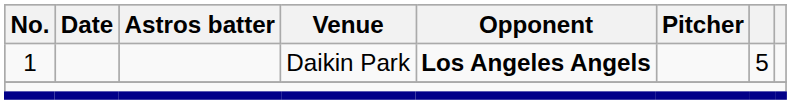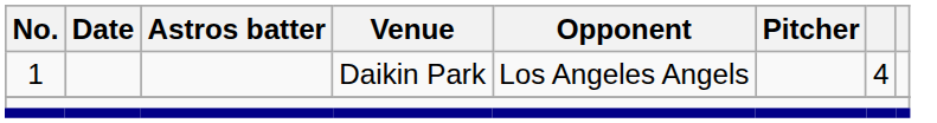 <table class="wikitable sortable" border="1" style="font-size: 90%">
 <tr>
 <th>No.</th>
 <th>Date</th>
 <th>Astros batter</th>
 <th>Venue</th>
 <th>Opponent</th>
 <th>Pitcher</th>
 <th></th>
 <th></th>
 </tr>
 <tr>
 <td align="center">1</td>
 <td align="center"></td>
 <td><strong></strong></td>
 <td align="center">Daikin Park</td>
-<td align="center"><strong>Los Angeles Angels</strong></td>
+<td align="center">Los Angeles Angels</td>
 <td></td>
-<td align="center">5</td>
+<td align="center">4</td>
 <td align="center"></td>
 </tr>
 <tr>
 </tr>
 <tr class="sort-bottom">
 <td style="border-bottom:#020088 5px solid;" colspan="8"></td>
 </tr>
 </table>
